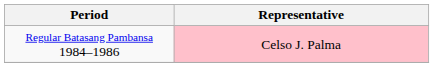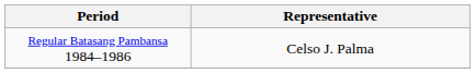 <table class="wikitable" style="text-align:center; width:40%;">
 <tr>
 <th width="40%">Period</th>
 <th>Representative</th>
 </tr>
 <tr>
 <td><small><a href='#'>Regular Batasang Pambansa</a></small><br>1984–1986</td>
-<td style="background: pink;">Celso J. Palma</td>
+<td>Celso J. Palma</td>
 </tr>
 <tr>
 </tr>
 </table>
